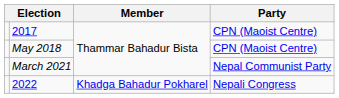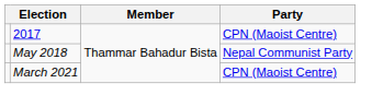 <table class="wikitable">
 <tr>
 <th colspan="2">Election</th>
 <th>Member</th>
 <th>Party</th>
 </tr>
 <tr>
 <td style="color:inherit;background:"></td>
 <td><a href='#'>2017</a></td>
 <td rowspan="3">Thammar Bahadur Bista</td>
 <td><a href='#'>CPN (Maoist Centre)</a></td>
 </tr>
 <tr>
 <td style="color:inherit;background:"></td>
 <td><em>May 2018</em></td>
-<td><a href='#'>CPN (Maoist Centre)</a></td>
+<td><a href='#'>Nepal Communist Party</a></td>
 </tr>
 <tr>
 <td style="color:inherit;background:"></td>
 <td><em>March 2021</em></td>
-<td><a href='#'>Nepal Communist Party</a></td>
-</tr>
-<tr>
-<td style="color:inherit;background:"></td>
-<td><a href='#'>2022</a></td>
-<td><a href='#'>Khadga Bahadur Pokharel</a></td>
-<td><a href='#'>Nepali Congress</a></td>
+<td><a href='#'>CPN (Maoist Centre)</a></td>
 </tr>
 </table>
